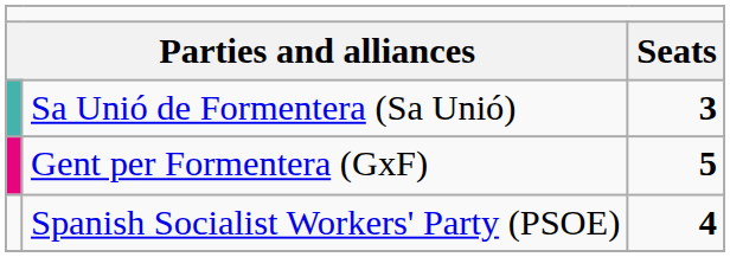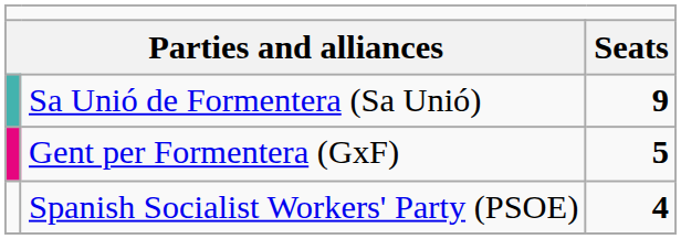 <table class="wikitable" style="text-align:right;">
 <tr>
 <td colspan="7"></td>
 </tr>
 <tr>
 <th colspan="2">Parties and alliances</th>
 <th colspan="2">Seats</th>
 </tr>
 <tr>
 <td style="color:inherit;background:#43B3AE"></td>
 <td align="left"><a href='#'>Sa Unió de Formentera</a> (Sa Unió)</td>
-<td><strong>3</strong></td>
+<td><strong>9</strong></td>
 </tr>
 <tr>
 <td style="color:inherit;background:#E6057F"></td>
 <td align="left"><a href='#'>Gent per Formentera</a> (GxF)</td>
 <td><strong>5</strong></td>
 </tr>
 <tr>
 <td style="color:inherit;background:"></td>
 <td align="left"><a href='#'>Spanish Socialist Workers' Party</a> (PSOE)</td>
 <td><strong>4</strong></td>
 </tr>
 <tr>
 </tr>
 </table>
